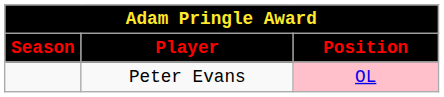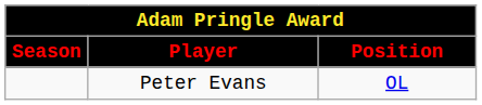 <table class="wikitable sortable" style="text-align:center">
 <tr>
 <td colspan="4" style="background:black; color:#FFE92B;"><strong>Adam Pringle Award</strong></td>
 </tr>
 <tr>
 <th style="width:50px; background:black; color:red;">Season</th>
 <th style="width:150px; background:black; color:red;">Player</th>
 <th style="width:100px; background:black; color:red;">Position</th>
 </tr>
 <tr>
 <td></td>
 <td>Peter Evans</td>
-<td style="background: pink;"><a href='#'>OL</a></td>
+<td><a href='#'>OL</a></td>
 </tr>
 </table>
